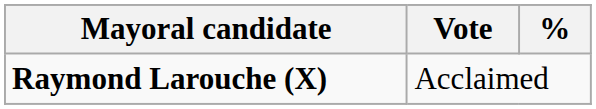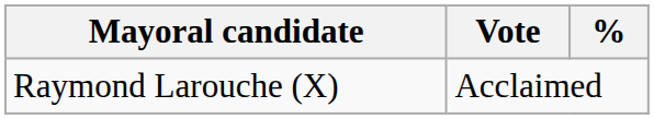 <table class="wikitable">
 <tr>
 <th bgcolor="#DDDDFF" width="200px">Mayoral candidate</th>
 <th bgcolor="#DDDDFF" width="50px">Vote</th>
 <th bgcolor="#DDDDFF" width="30px">%</th>
 </tr>
 <tr>
-<td><strong>Raymond Larouche (X)</strong></td>
+<td>Raymond Larouche (X)</td>
 <td colspan="2">Acclaimed</td>
 </tr>
 </table>
